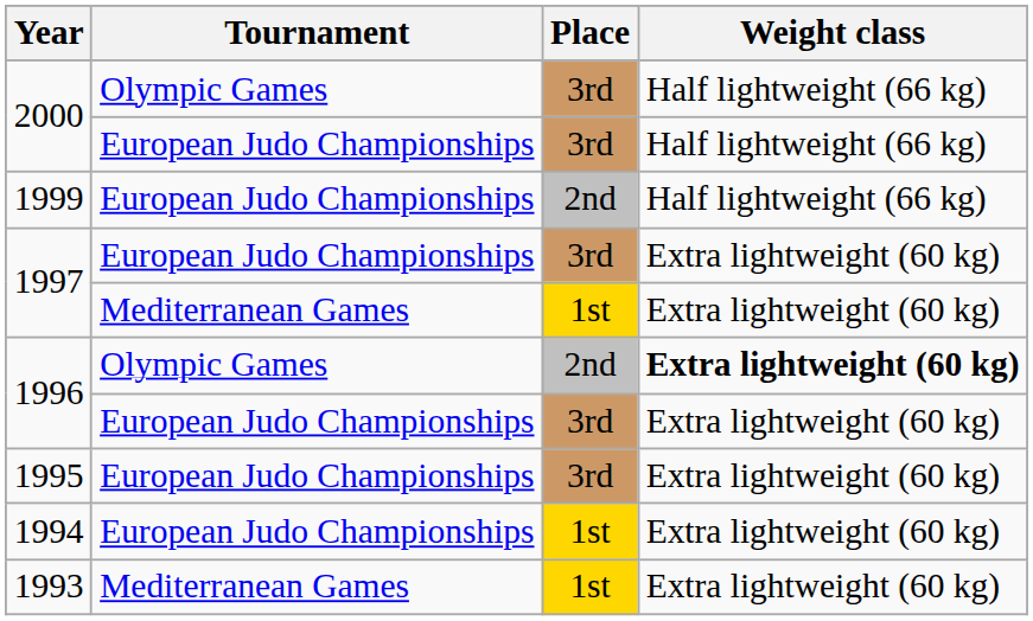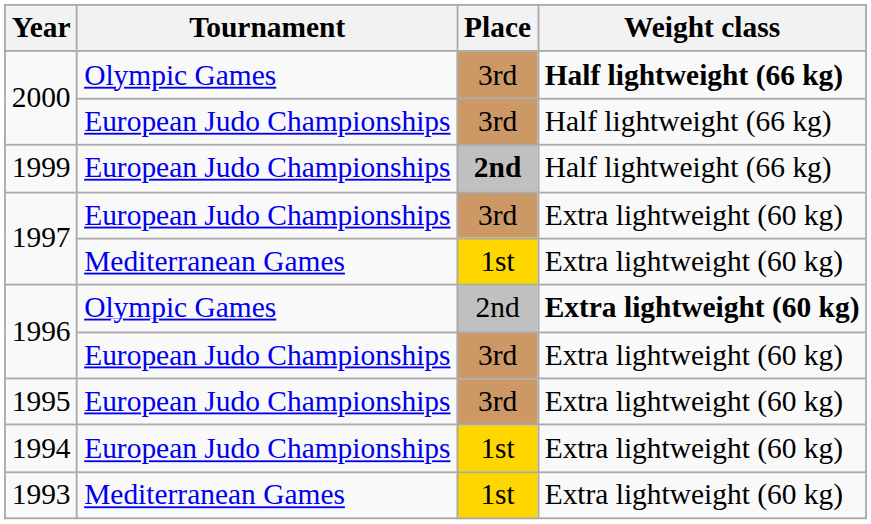 <table class=wikitable>
 <tr>
 <th>Year</th>
 <th>Tournament</th>
 <th>Place</th>
 <th>Weight class</th>
 </tr>
 <tr>
 <td rowspan=2>2000</td>
 <td><a href='#'>Olympic Games</a></td>
 <td bgcolor="cc9966" align="center">3rd</td>
-<td>Half lightweight (66 kg)</td>
+<td><strong>Half lightweight (66 kg)</strong></td>
 </tr>
 <tr>
 <td><a href='#'>European Judo Championships</a></td>
 <td bgcolor="cc9966" align="center">3rd</td>
 <td>Half lightweight (66 kg)</td>
 </tr>
 <tr>
 <td>1999</td>
 <td><a href='#'>European Judo Championships</a></td>
-<td bgcolor="silver" align="center">2nd</td>
+<td bgcolor="silver" align="center"><strong>2nd</strong></td>
 <td>Half lightweight (66 kg)</td>
 </tr>
 <tr>
 <td rowspan=2>1997</td>
 <td><a href='#'>European Judo Championships</a></td>
 <td bgcolor="cc9966" align="center">3rd</td>
 <td>Extra lightweight (60 kg)</td>
 </tr>
 <tr>
 <td><a href='#'>Mediterranean Games</a></td>
 <td bgcolor="gold" align="center">1st</td>
 <td>Extra lightweight (60 kg)</td>
 </tr>
 <tr>
 <td rowspan=2>1996</td>
 <td><a href='#'>Olympic Games</a></td>
 <td bgcolor="silver" align="center">2nd</td>
 <td><strong>Extra lightweight (60 kg)</strong></td>
 </tr>
 <tr>
 <td><a href='#'>European Judo Championships</a></td>
 <td bgcolor="cc9966" align="center">3rd</td>
 <td>Extra lightweight (60 kg)</td>
 </tr>
 <tr>
 <td>1995</td>
 <td><a href='#'>European Judo Championships</a></td>
 <td bgcolor="cc9966" align="center">3rd</td>
 <td>Extra lightweight (60 kg)</td>
 </tr>
 <tr>
 <td>1994</td>
 <td><a href='#'>European Judo Championships</a></td>
 <td bgcolor="gold" align="center">1st</td>
 <td>Extra lightweight (60 kg)</td>
 </tr>
 <tr>
 <td>1993</td>
 <td><a href='#'>Mediterranean Games</a></td>
 <td bgcolor="gold" align="center">1st</td>
 <td>Extra lightweight (60 kg)</td>
 </tr>
 </table>
